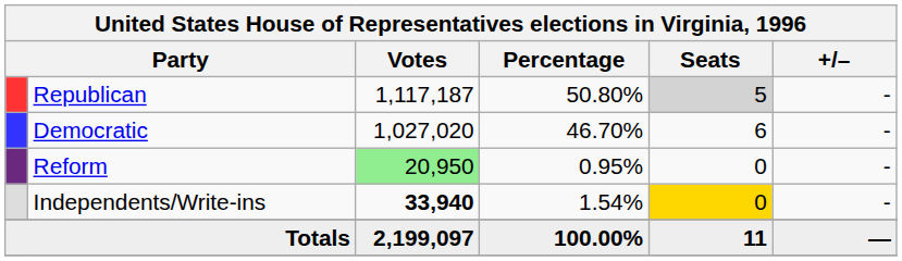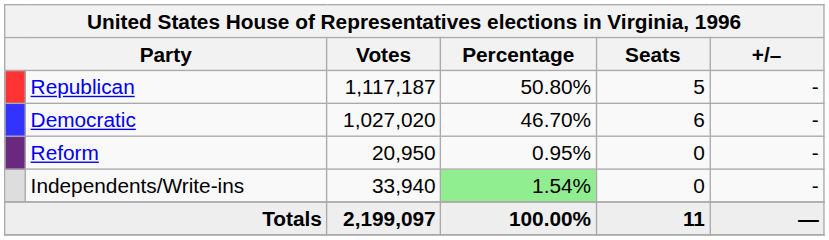 <table class="wikitable" style="font-size: 95%;">
 <tr>
 <th colspan="6">United States House of Representatives elections in Virginia, 1996</th>
 </tr>
 <tr>
 <th colspan=2 style="width: 15em">Party</th>
 <th style="width: 5em">Votes</th>
 <th style="width: 7em">Percentage</th>
 <th style="width: 5em">Seats</th>
 <th style="width: 5em">+/–</th>
 </tr>
 <tr>
 <th style="background-color:#FF3333; width: 3px"></th>
 <td style="width: 130px"><a href='#'>Republican</a></td>
 <td align="right">1,117,187</td>
 <td align="right">50.80%</td>
-<td align="right" style="background: lightgrey;">5</td>
+<td align="right">5</td>
 <td align="right">-</td>
 </tr>
 <tr>
 <th style="background-color:#3333FF; width: 3px"></th>
 <td style="width: 130px"><a href='#'>Democratic</a></td>
 <td align="right">1,027,020</td>
 <td align="right">46.70%</td>
 <td align="right">6</td>
 <td align="right">-</td>
 </tr>
 <tr>
 <th style="background-color:#6A287E; width: 3px"></th>
 <td style="width: 130px"><a href='#'>Reform</a></td>
-<td align="right" style="background: lightgreen;">20,950</td>
+<td align="right">20,950</td>
 <td align="right">0.95%</td>
 <td align="right">0</td>
 <td align="right">-</td>
 </tr>
 <tr>
 <th style="background-color:#DDDDDD; width: 3px"></th>
 <td style="width: 130px">Independents/Write-ins</td>
-<td align="right"><strong>33,940</strong></td>
-<td align="right">1.54%</td>
-<td align="right" style="background: gold;">0</td>
+<td align="right">33,940</td>
+<td align="right" style="background: lightgreen;">1.54%</td>
+<td align="right">0</td>
 <td align="right">-</td>
 </tr>
 <tr>
 </tr>
 <tr bgcolor="#EEEEEE">
 <td colspan="2" align="right"><strong>Totals</strong></td>
 <td align="right"><strong>2,199,097</strong></td>
 <td align="right"><strong>100.00%</strong></td>
 <td align="right"><strong>11</strong></td>
 <td align="right"><strong>—</strong></td>
 </tr>
 <tr bgcolor="#EEEEEE">
 </tr>
 </table>
